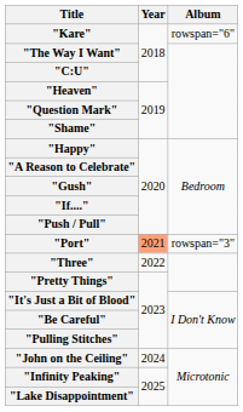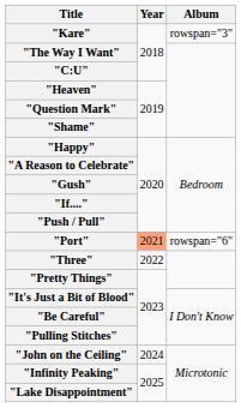 <table class="wikitable plainrowheaders" style="text-align:center;" border="1">
 <tr>
 <th scope="col">Title</th>
 <th scope="col">Year</th>
 <th scope="col">Album</th>
 </tr>
 <tr>
 <th scope="row">"Kare"</th>
 <td rowspan="3">2018</td>
-<td>rowspan="6" </td>
+<td>rowspan="3" </td>
 </tr>
 <tr>
 <th scope="row">"The Way I Want"</th>
 </tr>
 <tr>
 <th scope="row">"C:U"</th>
 </tr>
 <tr>
 <th scope="row">"Heaven"</th>
 <td rowspan="3">2019</td>
 </tr>
 <tr>
 <th scope="row">"Question Mark"</th>
 </tr>
 <tr>
 <th scope="row">"Shame"</th>
 </tr>
 <tr>
 <th scope="row">"Happy"</th>
 <td rowspan="5">2020</td>
 <td rowspan="5"><em>Bedroom</em></td>
 </tr>
 <tr>
 <th scope="row">"A Reason to Celebrate"</th>
 </tr>
 <tr>
 <th scope="row">"Gush"</th>
 </tr>
 <tr>
 <th scope="row">"If...."</th>
 </tr>
 <tr>
 <th scope="row">"Push / Pull"</th>
 </tr>
 <tr>
 <th scope="row">"Port"</th>
 <td style="background: lightsalmon;">2021</td>
-<td>rowspan="3" </td>
+<td>rowspan="6" </td>
 </tr>
 <tr>
 <th scope="row">"Three"</th>
 <td>2022</td>
 </tr>
 <tr>
 <th scope="row">"Pretty Things"</th>
 <td rowspan="4">2023</td>
 </tr>
 <tr>
 <th scope="row">"It's Just a Bit of Blood"</th>
 <td rowspan="3"><em>I Don't Know</em></td>
 </tr>
 <tr>
 <th scope="row">"Be Careful"</th>
 </tr>
 <tr>
 <th scope="row">"Pulling Stitches"</th>
 </tr>
 <tr>
 <th scope="row">"John on the Ceiling"</th>
 <td rowspan="1">2024</td>
 <td rowspan="3"><em>Microtonic</em></td>
 </tr>
 <tr>
 <th scope="row">"Infinity Peaking"</th>
 <td rowspan="2">2025</td>
 </tr>
 <tr>
 <th scope="row">"Lake Disappointment"</th>
 </tr>
 </table>
